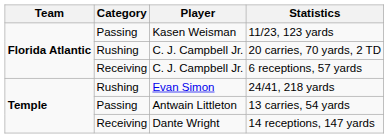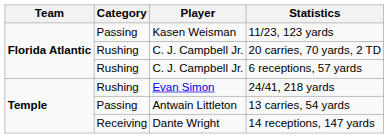 <table class="wikitable" style="float: right;">
 <tr>
 <th>Team</th>
 <th>Category</th>
 <th>Player</th>
 <th>Statistics</th>
 </tr>
 <tr>
 <td rowspan=3><strong>Florida Atlantic</strong></td>
 <td>Passing</td>
 <td>Kasen Weisman</td>
 <td>11/23, 123 yards</td>
 </tr>
 <tr>
 <td>Rushing</td>
 <td>C. J. Campbell Jr.</td>
 <td>20 carries, 70 yards, 2 TD</td>
 </tr>
 <tr>
-<td>Receiving</td>
+<td>Rushing</td>
 <td>C. J. Campbell Jr.</td>
 <td>6 receptions, 57 yards</td>
 </tr>
 <tr>
 <td rowspan=3><strong>Temple</strong></td>
 <td>Rushing</td>
 <td><a href='#'>Evan Simon</a></td>
 <td>24/41, 218 yards</td>
 </tr>
 <tr>
 <td>Passing</td>
 <td>Antwain Littleton</td>
 <td>13 carries, 54 yards</td>
 </tr>
 <tr>
 <td>Receiving</td>
 <td>Dante Wright</td>
 <td>14 receptions, 147 yards</td>
 </tr>
 </table>
